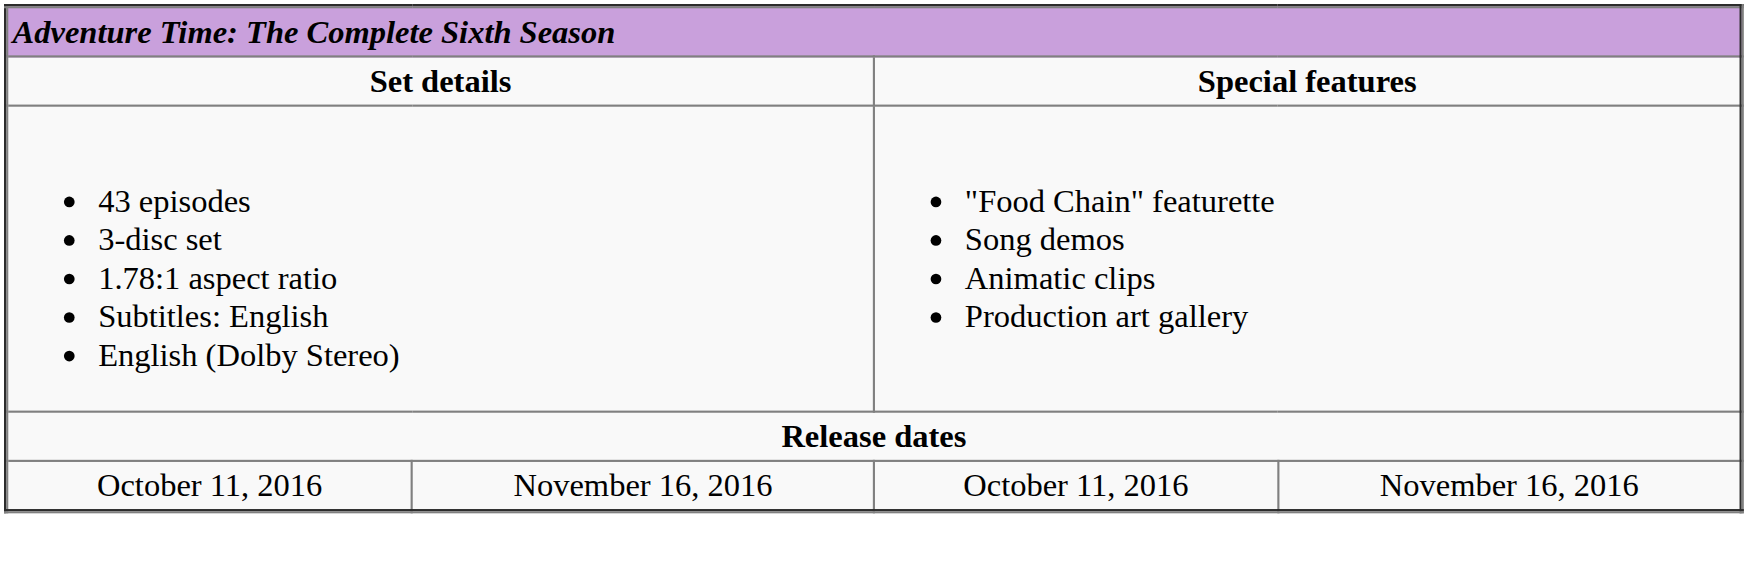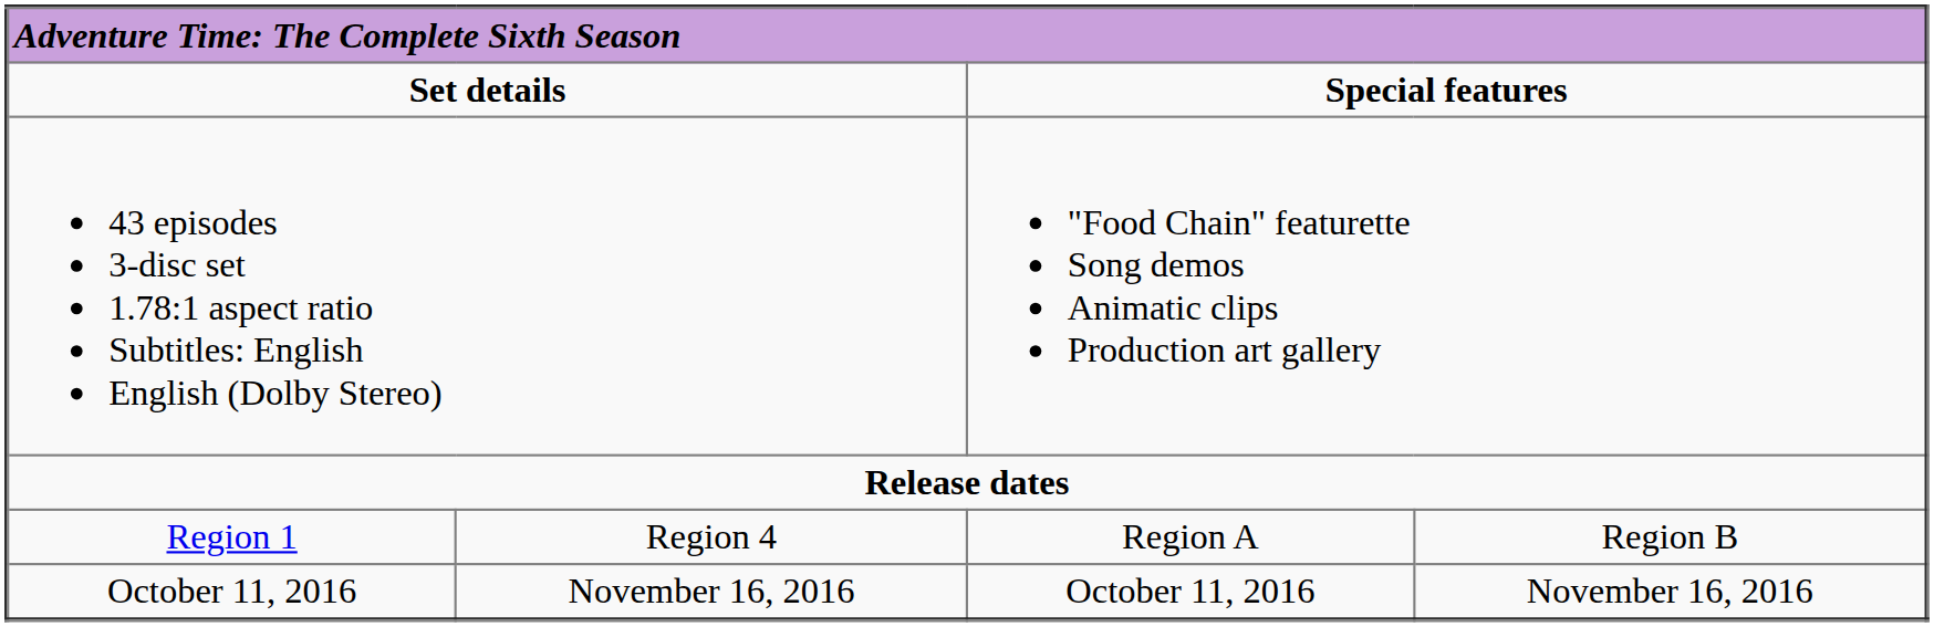 <table border="2" cellpadding="2" cellspacing="0" style="margin: 0 1em 0 0; background: #f9f9f9; border: c00 #aaa solid; border-collapse: collapse; font-size: 95%;">
 <tr style="background:#C9A0DC; color:black;">
 <td colspan="4"><strong><em>Adventure Time: The Complete Sixth Season</em></strong></td>
 </tr>
 <tr valign="top">
 <td align="center" width="400" colspan="2"><strong>Set details</strong></td>
 <td align="center" width="400" colspan="2"><strong>Special features</strong></td>
 </tr>
 <tr valign="top">
 <td colspan="2" align="left" width="200"><br><ul><li>43 episodes</li><li>3-disc set</li><li>1.78:1 aspect ratio</li><li>Subtitles: English</li><li>English (Dolby Stereo)</li></ul></td>
 <td colspan="2" align="left" width="200"><br><ul><li>"Food Chain" featurette</li><li>Song demos</li><li>Animatic clips</li><li>Production art gallery</li></ul></td>
 </tr>
 <tr>
 <td colspan="4" align="center"><strong>Release dates</strong></td>
 </tr>
 <tr>
+<td align="center"><a href='#'>Region 1</a></td>
+<td align="center">Region 4</td>
+<td align="center">Region A</td>
+<td align="center">Region B</td>
+</tr>
+<tr>
 <td align="center">October 11, 2016</td>
 <td align="center">November 16, 2016</td>
 <td align="center">October 11, 2016</td>
 <td align="center">November 16, 2016</td>
 </tr>
 </table>
